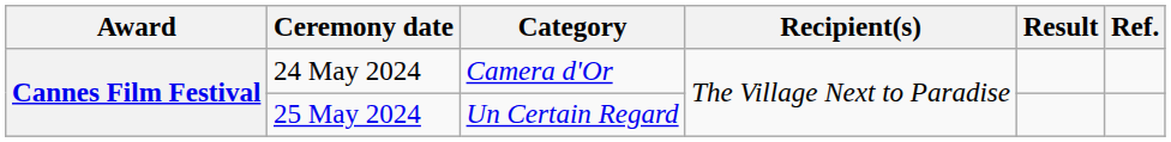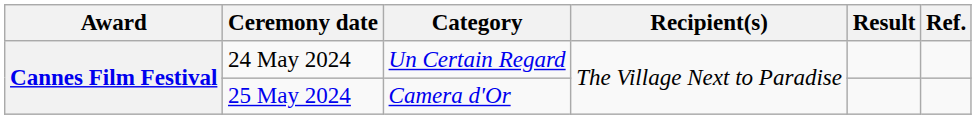 <table class="wikitable sortable plainrowheaders">
 <tr>
 <th scope="col">Award</th>
 <th scope="col">Ceremony date</th>
 <th scope="col">Category</th>
 <th scope="col">Recipient(s)</th>
 <th scope="col">Result</th>
 <th scope="col">Ref.</th>
 </tr>
 <tr>
 <th scope="row" rowspan="2"><a href='#'>Cannes Film Festival</a></th>
 <td>24 May 2024</td>
-<td><em><a href='#'>Camera d'Or</a></em></td>
+<td><em><a href='#'>Un Certain Regard</a></em></td>
 <td rowspan="2"><em>The Village Next to Paradise</em></td>
 <td></td>
 <td align="center"></td>
 </tr>
 <tr>
 <td rowspan="2"><a href='#'>25 May 2024</a></td>
-<td><em><a href='#'>Un Certain Regard</a></em></td>
+<td><em><a href='#'>Camera d'Or</a></em></td>
 <td></td>
 <td align="center"></td>
 </tr>
 </table>
